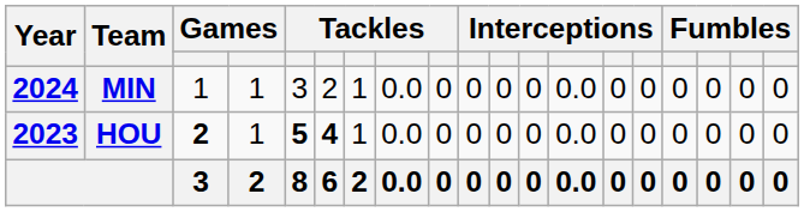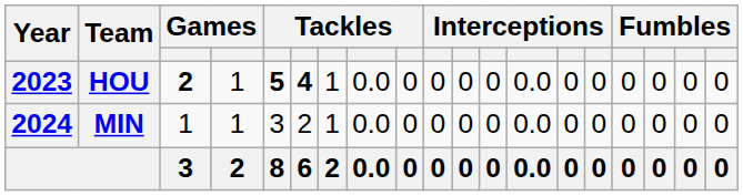 <table class="wikitable" style="text-align:center;">
 <tr>
 <th rowspan="2">Year</th>
 <th rowspan="2">Team</th>
 <th colspan="2">Games</th>
 <th colspan="5">Tackles</th>
 <th colspan="6">Interceptions</th>
 <th colspan="4">Fumbles</th>
 </tr>
 <tr>
 <th></th>
 <th></th>
 <th></th>
 <th></th>
 <th></th>
 <th></th>
 <th></th>
 <th></th>
 <th></th>
 <th></th>
 <th></th>
 <th></th>
 <th></th>
 <th></th>
 <th></th>
 <th></th>
 <th></th>
 </tr>
 <tr>
-<th><a href='#'>2024</a></th>
-<th><a href='#'>MIN</a></th>
+<th><a href='#'>2023</a></th>
+<th><a href='#'>HOU</a></th>
+<td><strong>2</strong></td>
 <td>1</td>
-<td>1</td>
-<td>3</td>
-<td>2</td>
+<td><strong>5</strong></td>
+<td><strong>4</strong></td>
 <td>1</td>
 <td>0.0</td>
 <td>0</td>
 <td>0</td>
 <td>0</td>
 <td>0</td>
 <td>0.0</td>
 <td>0</td>
 <td>0</td>
 <td>0</td>
 <td>0</td>
 <td>0</td>
 <td>0</td>
 </tr>
 <tr>
-<th><a href='#'>2023</a></th>
-<th><a href='#'>HOU</a></th>
-<td><strong>2</strong></td>
+<th><a href='#'>2024</a></th>
+<th><a href='#'>MIN</a></th>
 <td>1</td>
-<td><strong>5</strong></td>
-<td><strong>4</strong></td>
+<td>1</td>
+<td>3</td>
+<td>2</td>
 <td>1</td>
 <td>0.0</td>
 <td>0</td>
 <td>0</td>
 <td>0</td>
 <td>0</td>
 <td>0.0</td>
 <td>0</td>
 <td>0</td>
 <td>0</td>
 <td>0</td>
 <td>0</td>
 <td>0</td>
 </tr>
 <tr>
 <th colspan="2"></th>
 <th>3</th>
 <th>2</th>
 <th>8</th>
 <th>6</th>
 <th>2</th>
 <th>0.0</th>
 <th>0</th>
 <th>0</th>
 <th>0</th>
 <th>0</th>
 <th>0.0</th>
 <th>0</th>
 <th>0</th>
 <th>0</th>
 <th>0</th>
 <th>0</th>
 <th>0</th>
 </tr>
 </table>
